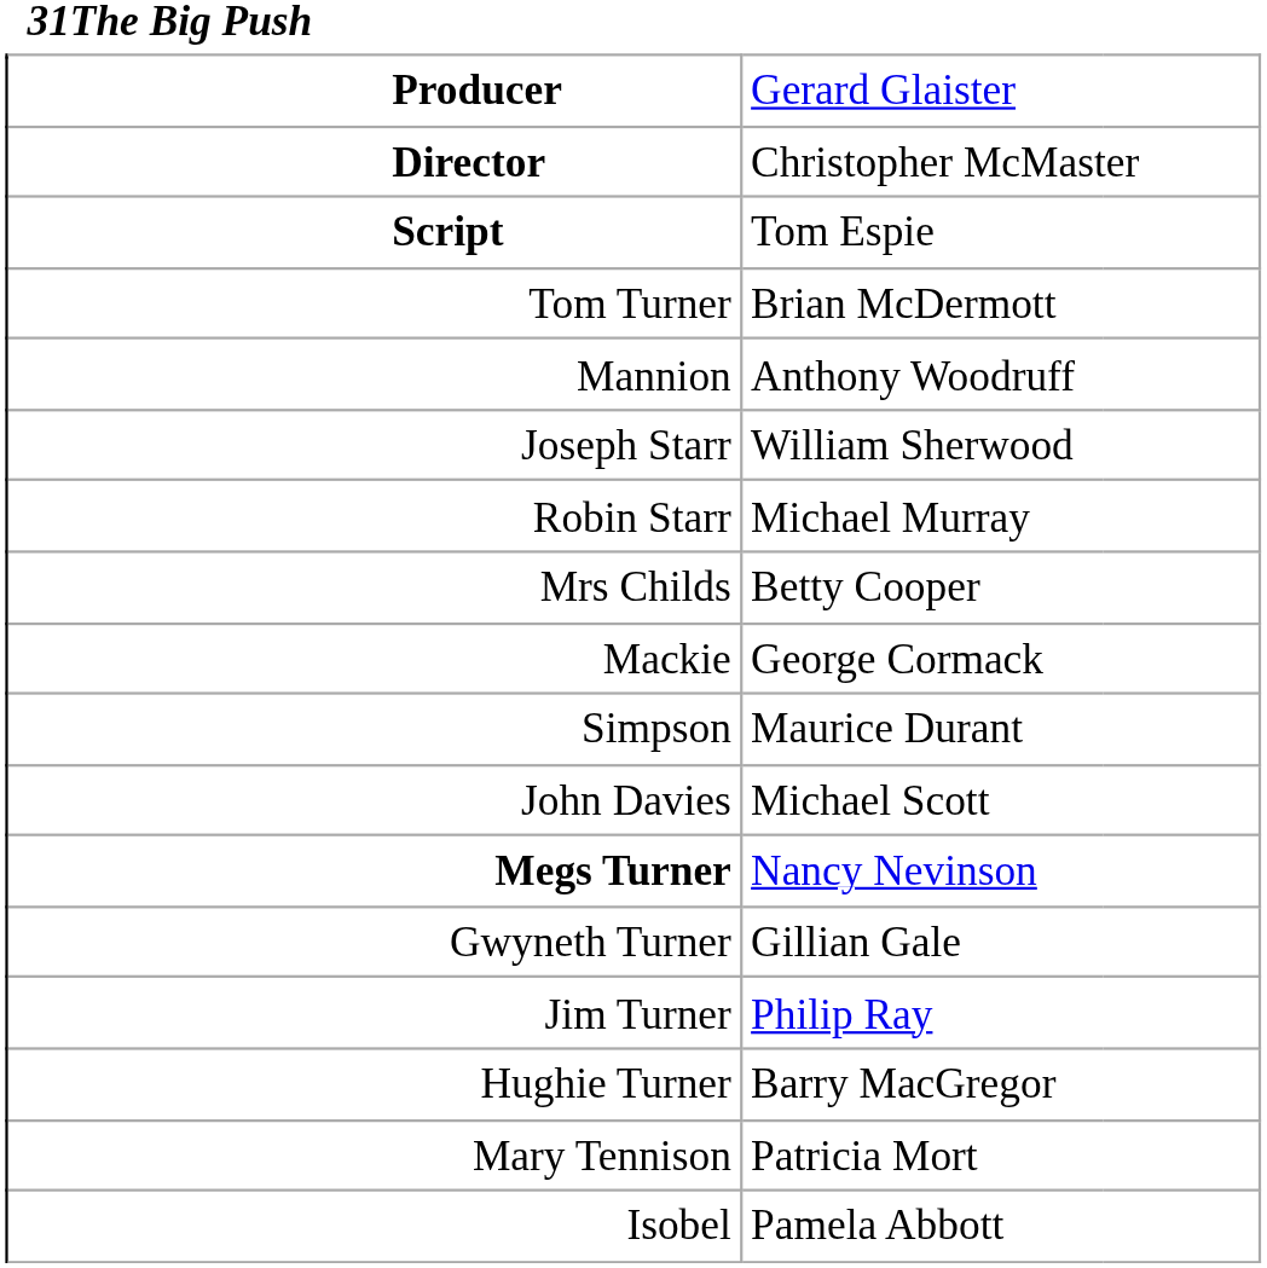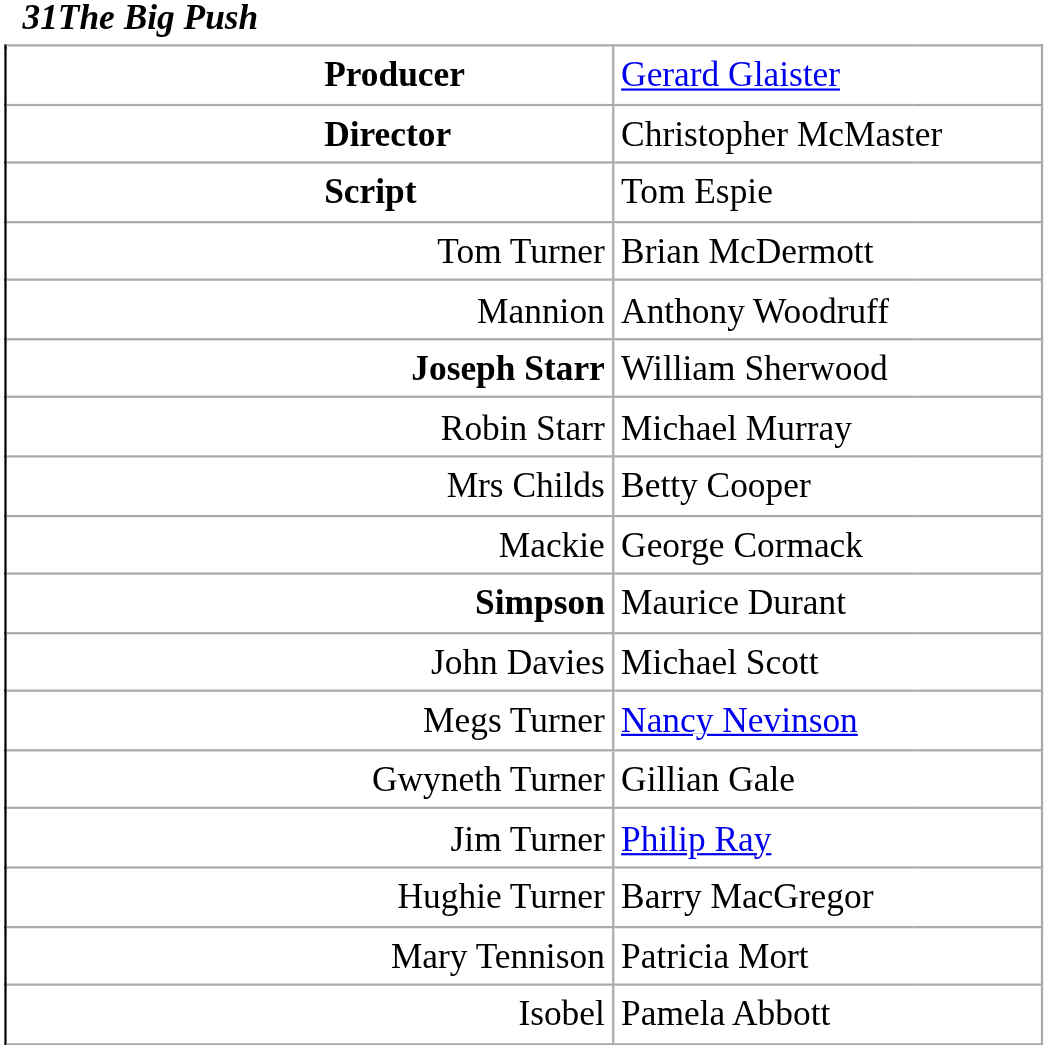 <table class="wikitable mw-collapsible mw-collapsed" style="vertical-align:top;margin:auto 2em;line-height:1.2;min-width:33em;display: inline-table;background-color:inherit;border:none;">
 <tr>
 <td class=unsortable style="border:hidden;line-height:1.67;text-align:center;margin-left:-1em;padding-left:0.5em;min-width:1.0em;"></td>
 <td class=unsortable style="border:none;padding-left:0.5em;text-align:left;min-width:16.5em;font-weight:700;font-style:italic;">31The Big Push</td>
 <td class=unsortable style="border:none;text-align:right;font-weight:normal;font-family:Courier;font-size:95%;letter-spacing:-1pt;min-width:8.5em;padding-right:0.2em;"></td>
 <td class=unsortable style="border:hidden;min-width:3.5em;padding-left:0;"></td>
 <td class=unsortable style="border:hidden;min-width:3.5em;font-size:95%;"></td>
 </tr>
 <tr>
 <td rowspan=100 style="border:none thin;border-right-style :solid;"></td>
 </tr>
 <tr>
 <td style="text-align:left;padding-left:9.0em;font-weight:bold;">Producer</td>
 <td colspan=2><a href='#'>Gerard Glaister</a></td>
 </tr>
 <tr>
 <td style="text-align:left;padding-left:9.0em;font-weight:bold;">Director</td>
 <td colspan=2>Christopher McMaster</td>
 </tr>
 <tr>
 <td style="text-align:left;padding-left:9.0em;font-weight:bold;">Script</td>
 <td colspan=2>Tom Espie</td>
 </tr>
 <tr>
 <td style="text-align:right;">Tom Turner</td>
 <td colspan=2>Brian McDermott</td>
 </tr>
 <tr>
 <td style="text-align:right;">Mannion</td>
 <td colspan=2>Anthony Woodruff</td>
 </tr>
 <tr>
-<td style="text-align:right;">Joseph Starr</td>
+<td style="text-align:right;"><strong>Joseph Starr</strong></td>
 <td colspan=2>William Sherwood</td>
 </tr>
 <tr>
 <td style="text-align:right;">Robin Starr</td>
 <td colspan=2>Michael Murray</td>
 </tr>
 <tr>
 <td style="text-align:right;">Mrs Childs</td>
 <td colspan=2>Betty Cooper</td>
 </tr>
 <tr>
 <td style="text-align:right;">Mackie</td>
 <td colspan=2>George Cormack</td>
 </tr>
 <tr>
-<td style="text-align:right;">Simpson</td>
+<td style="text-align:right;"><strong>Simpson</strong></td>
 <td colspan=2>Maurice Durant</td>
 </tr>
 <tr>
 <td style="text-align:right;">John Davies</td>
 <td colspan=2>Michael Scott</td>
 </tr>
 <tr>
-<td style="text-align:right;"><strong>Megs Turner</strong></td>
+<td style="text-align:right;">Megs Turner</td>
 <td colspan=2><a href='#'>Nancy Nevinson</a></td>
 </tr>
 <tr>
 <td style="text-align:right;">Gwyneth Turner</td>
 <td colspan=2>Gillian Gale</td>
 </tr>
 <tr>
 <td style="text-align:right;">Jim Turner</td>
 <td colspan=2><a href='#'>Philip Ray</a></td>
 </tr>
 <tr>
 <td style="text-align:right;">Hughie Turner</td>
 <td colspan=2>Barry MacGregor</td>
 </tr>
 <tr>
 <td style="text-align:right;">Mary Tennison</td>
 <td colspan=2>Patricia Mort</td>
 </tr>
 <tr>
 <td style="text-align:right;">Isobel</td>
 <td colspan=2>Pamela Abbott</td>
 </tr>
 </table>
